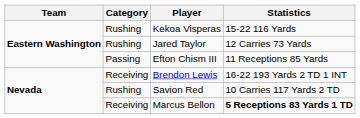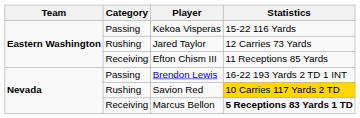 <table class="wikitable" style="float: right;">
 <tr>
 <th>Team</th>
 <th>Category</th>
 <th>Player</th>
 <th>Statistics</th>
 </tr>
 <tr>
 <td rowspan=3><strong>Eastern Washington</strong></td>
-<td>Rushing</td>
+<td>Passing</td>
 <td>Kekoa Visperas</td>
 <td>15-22 116 Yards</td>
 </tr>
 <tr>
 <td>Rushing</td>
 <td>Jared Taylor</td>
 <td>12 Carries 73 Yards</td>
 </tr>
 <tr>
-<td>Passing</td>
+<td>Receiving</td>
 <td>Efton Chism III</td>
 <td>11 Receptions 85 Yards</td>
 </tr>
 <tr>
 <td rowspan=3><strong>Nevada</strong></td>
-<td>Receiving</td>
+<td>Passing</td>
 <td><a href='#'>Brendon Lewis</a></td>
 <td>16-22 193 Yards 2 TD 1 INT</td>
 </tr>
 <tr>
 <td>Rushing</td>
 <td>Savion Red</td>
-<td>10 Carries 117 Yards 2 TD</td>
+<td style="background: gold;">10 Carries 117 Yards 2 TD</td>
 </tr>
 <tr>
 <td>Receiving</td>
 <td>Marcus Bellon</td>
 <td><strong>5 Receptions 83 Yards 1 TD</strong></td>
 </tr>
 </table>
